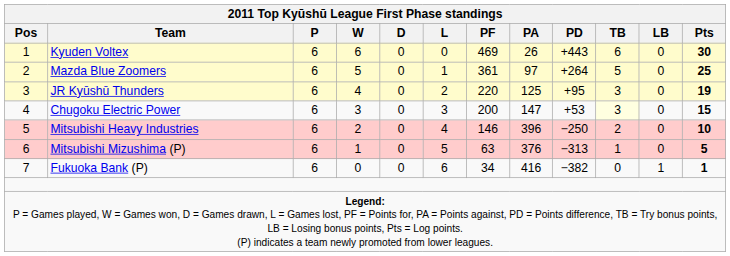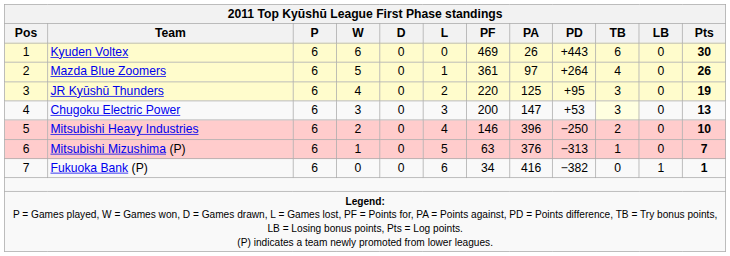 <table class="wikitable" style="text-align:center; font-size:100%; width:60%;">
 <tr>
 <th colspan="100%" cellpadding="0" cellspacing="0"><strong>2011 Top Kyūshū League First Phase standings</strong></th>
 </tr>
 <tr>
 <th style="width:6%;">Pos</th>
 <th style="width:34%;">Team</th>
 <th style="width:6%;">P</th>
 <th style="width:6%;">W</th>
 <th style="width:6%;">D</th>
 <th style="width:6%;">L</th>
 <th style="width:6%;">PF</th>
 <th style="width:6%;">PA</th>
 <th style="width:6%;">PD</th>
 <th style="width:6%;">TB</th>
 <th style="width:6%;">LB</th>
 <th style="width:6%;">Pts<br></th>
 </tr>
 <tr style="background:#FFFCCC;">
 <td>1</td>
 <td style="text-align:left;"><a href='#'>Kyuden Voltex</a></td>
 <td>6</td>
 <td>6</td>
 <td>0</td>
 <td>0</td>
 <td>469</td>
 <td>26</td>
 <td>+443</td>
 <td>6</td>
 <td>0</td>
 <td><strong>30</strong></td>
 </tr>
 <tr style="background:#FFFCCC;">
 <td>2</td>
 <td style="text-align:left;"><a href='#'>Mazda Blue Zoomers</a></td>
 <td>6</td>
 <td>5</td>
 <td>0</td>
 <td>1</td>
 <td>361</td>
 <td>97</td>
 <td>+264</td>
-<td>5</td>
+<td>4</td>
 <td>0</td>
-<td><strong>25</strong></td>
+<td><strong>26</strong></td>
 </tr>
 <tr style="background:#FFFCCC;">
 <td>3</td>
 <td style="text-align:left;"><a href='#'>JR Kyūshū Thunders</a></td>
 <td>6</td>
 <td>4</td>
 <td>0</td>
 <td>2</td>
 <td>220</td>
 <td>125</td>
 <td>+95</td>
 <td>3</td>
 <td>0</td>
 <td><strong>19</strong></td>
 </tr>
 <tr>
 <td>4</td>
 <td style="text-align:left;"><a href='#'>Chugoku Electric Power</a></td>
 <td>6</td>
 <td>3</td>
 <td>0</td>
 <td>3</td>
 <td>200</td>
 <td>147</td>
 <td>+53</td>
 <td style="background: lightyellow;">3</td>
 <td>0</td>
-<td><strong>15</strong></td>
+<td><strong>13</strong></td>
 </tr>
 <tr style="background:#FFCCCC;">
 <td>5</td>
 <td style="text-align:left;"><a href='#'>Mitsubishi Heavy Industries</a></td>
 <td>6</td>
 <td>2</td>
 <td>0</td>
 <td>4</td>
 <td>146</td>
 <td>396</td>
 <td>−250</td>
 <td>2</td>
 <td>0</td>
 <td><strong>10</strong></td>
 </tr>
 <tr style="background:#FFCCCC;">
 <td>6</td>
 <td style="text-align:left;"><a href='#'>Mitsubishi Mizushima</a> (P)</td>
 <td>6</td>
 <td>1</td>
 <td>0</td>
 <td>5</td>
 <td>63</td>
 <td>376</td>
 <td>−313</td>
 <td>1</td>
 <td>0</td>
-<td><strong>5</strong></td>
+<td><strong>7</strong></td>
 </tr>
 <tr>
 <td>7</td>
 <td style="text-align:left;"><a href='#'>Fukuoka Bank</a> (P)</td>
 <td>6</td>
 <td>0</td>
 <td>0</td>
 <td>6</td>
 <td>34</td>
 <td>416</td>
 <td>−382</td>
 <td>0</td>
 <td>1</td>
 <td><strong>1</strong></td>
 </tr>
 <tr>
 <td colspan="100%" style="height:10px;"></td>
 </tr>
 <tr>
 <td colspan="100%"><small><strong>Legend:</strong> <br> P = Games played, W = Games won, D = Games drawn, L = Games lost, PF = Points for, PA = Points against, PD = Points difference, TB = Try bonus points, LB = Losing bonus points, Pts = Log points. <br> (P) indicates a team newly promoted from lower leagues.</small></td>
 </tr>
 </table>
